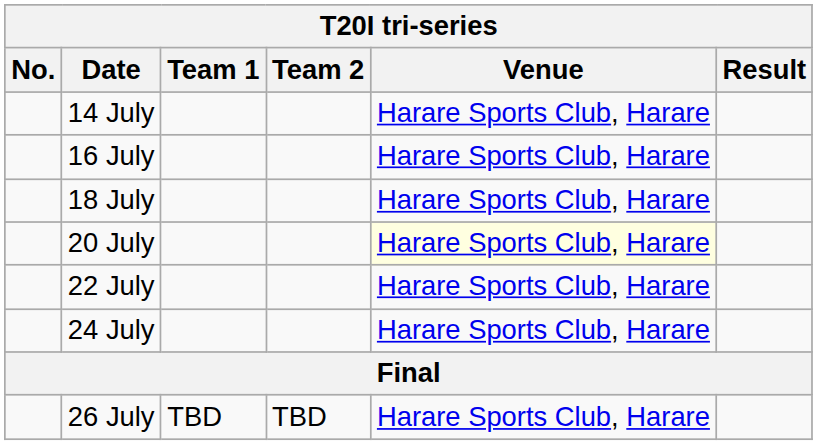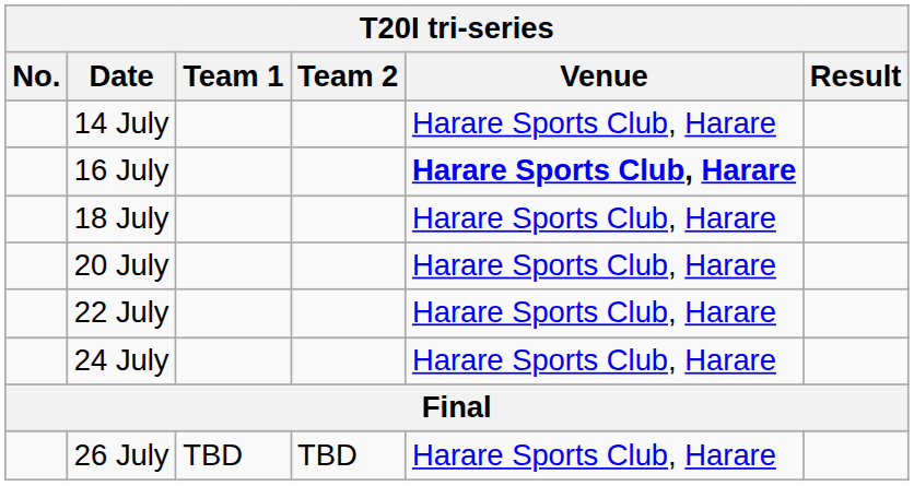 <table class="wikitable">
 <tr>
 <th colspan="6">T20I tri-series</th>
 </tr>
 <tr>
 <th>No.</th>
 <th>Date</th>
 <th>Team 1</th>
 <th>Team 2</th>
 <th>Venue</th>
 <th>Result</th>
 </tr>
 <tr>
 <td></td>
 <td>14 July</td>
 <td></td>
 <td></td>
 <td><a href='#'>Harare Sports Club</a>, <a href='#'>Harare</a></td>
 <td></td>
 </tr>
 <tr>
 <td></td>
 <td>16 July</td>
 <td></td>
 <td></td>
-<td><a href='#'>Harare Sports Club</a>, <a href='#'>Harare</a></td>
+<td><strong><a href='#'>Harare Sports Club</a>, <a href='#'>Harare</a></strong></td>
 <td></td>
 </tr>
 <tr>
 <td></td>
 <td>18 July</td>
 <td></td>
 <td></td>
 <td><a href='#'>Harare Sports Club</a>, <a href='#'>Harare</a></td>
 <td></td>
 </tr>
 <tr>
 <td></td>
 <td>20 July</td>
 <td></td>
 <td></td>
-<td style="background: lightyellow;"><a href='#'>Harare Sports Club</a>, <a href='#'>Harare</a></td>
+<td><a href='#'>Harare Sports Club</a>, <a href='#'>Harare</a></td>
 <td></td>
 </tr>
 <tr>
 <td></td>
 <td>22 July</td>
 <td></td>
 <td></td>
 <td><a href='#'>Harare Sports Club</a>, <a href='#'>Harare</a></td>
 <td></td>
 </tr>
 <tr>
 <td></td>
 <td>24 July</td>
 <td></td>
 <td></td>
 <td><a href='#'>Harare Sports Club</a>, <a href='#'>Harare</a></td>
 <td></td>
 </tr>
 <tr>
 <th colspan="6">Final</th>
 </tr>
 <tr>
 <td></td>
 <td>26 July</td>
 <td>TBD</td>
 <td>TBD</td>
 <td><a href='#'>Harare Sports Club</a>, <a href='#'>Harare</a></td>
 <td></td>
 </tr>
 </table>
